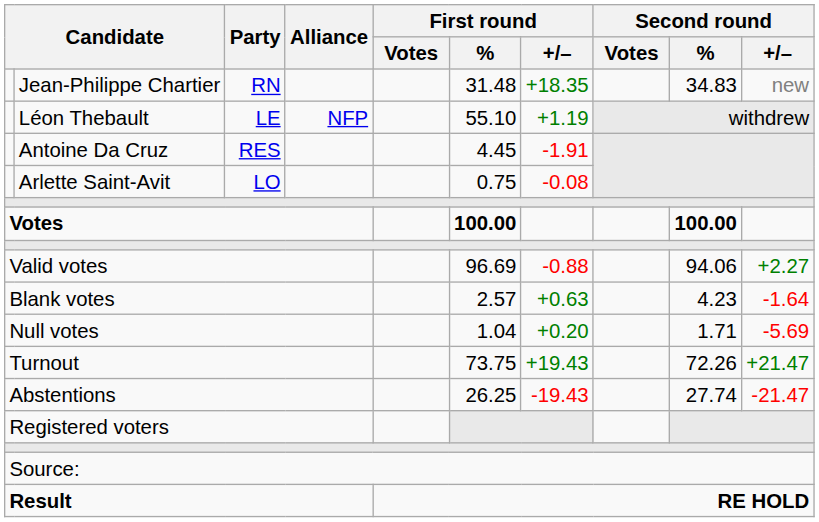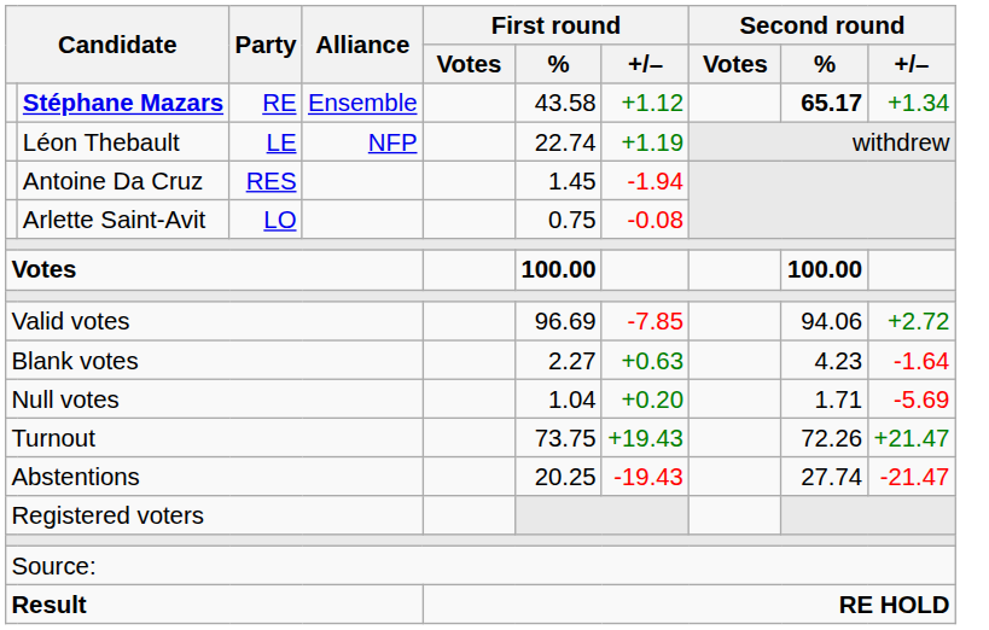 <table class="wikitable" style="text-align:right;font-size:95%;">
 <tr>
 <th rowspan="2" colspan="2">Candidate</th>
 <th colspan="1" rowspan="2">Party</th>
 <th colspan="1" rowspan="2">Alliance</th>
 <th colspan="3">First round</th>
 <th colspan="3">Second round</th>
 </tr>
 <tr>
 <th style="width:50px;">Votes</th>
 <th style="width:45px;">%</th>
 <th style="width:45px;">+/–</th>
 <th style="width:50px;">Votes</th>
 <th style="width:45px;">%</th>
 <th style="width:45px;">+/–</th>
 </tr>
 <tr>
 <td style="color:inherit;background:"></td>
-<td style="text-align:left;">Jean-Philippe Chartier</td>
-<td><a href='#'>RN</a></td>
+<td style="text-align:left;"><strong><a href='#'>Stéphane Mazars</a></strong></td>
+<td><a href='#'>RE</a></td>
+<td><a href='#'>Ensemble</a></td>
 <td></td>
-<td></td>
-<td>31.48</td>
-<td style="color:green;">+18.35</td>
-<td></td>
-<td>34.83</td>
-<td style="color:grey;">new</td>
+<td>43.58</td>
+<td style="color:green;">+1.12</td>
+<td><strong></strong></td>
+<td><strong>65.17</strong></td>
+<td style="color:green;">+1.34</td>
 </tr>
 <tr>
 <td style="color:inherit;background:"></td>
 <td style="text-align:left;">Léon Thebault</td>
 <td><a href='#'>LE</a></td>
 <td><a href='#'>NFP</a></td>
 <td></td>
-<td>55.10</td>
+<td>22.74</td>
 <td style="color:green;">+1.19</td>
 <td colspan="3" style="background:#E9E9E9;">withdrew</td>
 </tr>
 <tr>
 <td style="color:inherit;background:"></td>
 <td style="text-align:left;">Antoine Da Cruz</td>
 <td><a href='#'>RES</a></td>
 <td></td>
 <td></td>
-<td>4.45</td>
-<td style="color:red;">-1.91</td>
+<td>1.45</td>
+<td style="color:red;">-1.94</td>
 <td colspan="3" rowspan="2" style="background:#E9E9E9;"></td>
 </tr>
 <tr>
 <td style="color:inherit;background:"></td>
 <td style="text-align:left;">Arlette Saint-Avit</td>
 <td><a href='#'>LO</a></td>
 <td></td>
 <td></td>
 <td>0.75</td>
 <td style="color:red;">-0.08</td>
 </tr>
 <tr>
 <td colspan="10" style="background:#E9E9E9;"></td>
 </tr>
 <tr style="font-weight:bold;">
 <td colspan="4" style="text-align:left;">Votes</td>
 <td></td>
 <td>100.00</td>
 <td></td>
 <td></td>
 <td>100.00</td>
 <td></td>
 </tr>
 <tr>
 <td colspan="10" style="background:#E9E9E9;"></td>
 </tr>
 <tr>
 <td colspan="4" style="text-align:left;">Valid votes</td>
 <td></td>
 <td>96.69</td>
-<td style="color:red;">-0.88</td>
+<td style="color:red;">-7.85</td>
 <td></td>
 <td>94.06</td>
-<td style="color:green;">+2.27</td>
+<td style="color:green;">+2.72</td>
 </tr>
 <tr>
 <td colspan="4" style="text-align:left;">Blank votes</td>
 <td></td>
-<td>2.57</td>
+<td>2.27</td>
 <td style="color:green;">+0.63</td>
 <td></td>
 <td>4.23</td>
 <td style="color:red;">-1.64</td>
 </tr>
 <tr>
 <td colspan="4" style="text-align:left;">Null votes</td>
 <td></td>
 <td>1.04</td>
 <td style="color:green;">+0.20</td>
 <td></td>
 <td>1.71</td>
 <td style="color:red;">-5.69</td>
 </tr>
 <tr>
 <td colspan="4" style="text-align:left;">Turnout</td>
 <td></td>
 <td>73.75</td>
 <td style="color:green;">+19.43</td>
 <td></td>
 <td>72.26</td>
 <td style="color:green;">+21.47</td>
 </tr>
 <tr>
 <td colspan="4" style="text-align:left;">Abstentions</td>
 <td></td>
-<td>26.25</td>
+<td>20.25</td>
 <td style="color:red;">-19.43</td>
 <td></td>
 <td>27.74</td>
 <td style="color:red;">-21.47</td>
 </tr>
 <tr>
 <td colspan="4" style="text-align:left;">Registered voters</td>
 <td></td>
 <td colspan="2" style="background:#E9E9E9;"></td>
 <td></td>
 <td colspan="2" style="background:#E9E9E9;"></td>
 </tr>
 <tr>
 <td colspan="10" style="background:#E9E9E9;"></td>
 </tr>
 <tr>
 <td colspan="10" style="text-align:left;">Source: </td>
 </tr>
 <tr style="font-weight:bold">
 <td colspan="4" style="text-align:left;">Result</td>
 <td colspan="6" style="background-color:">RE HOLD</td>
 </tr>
 </table>
